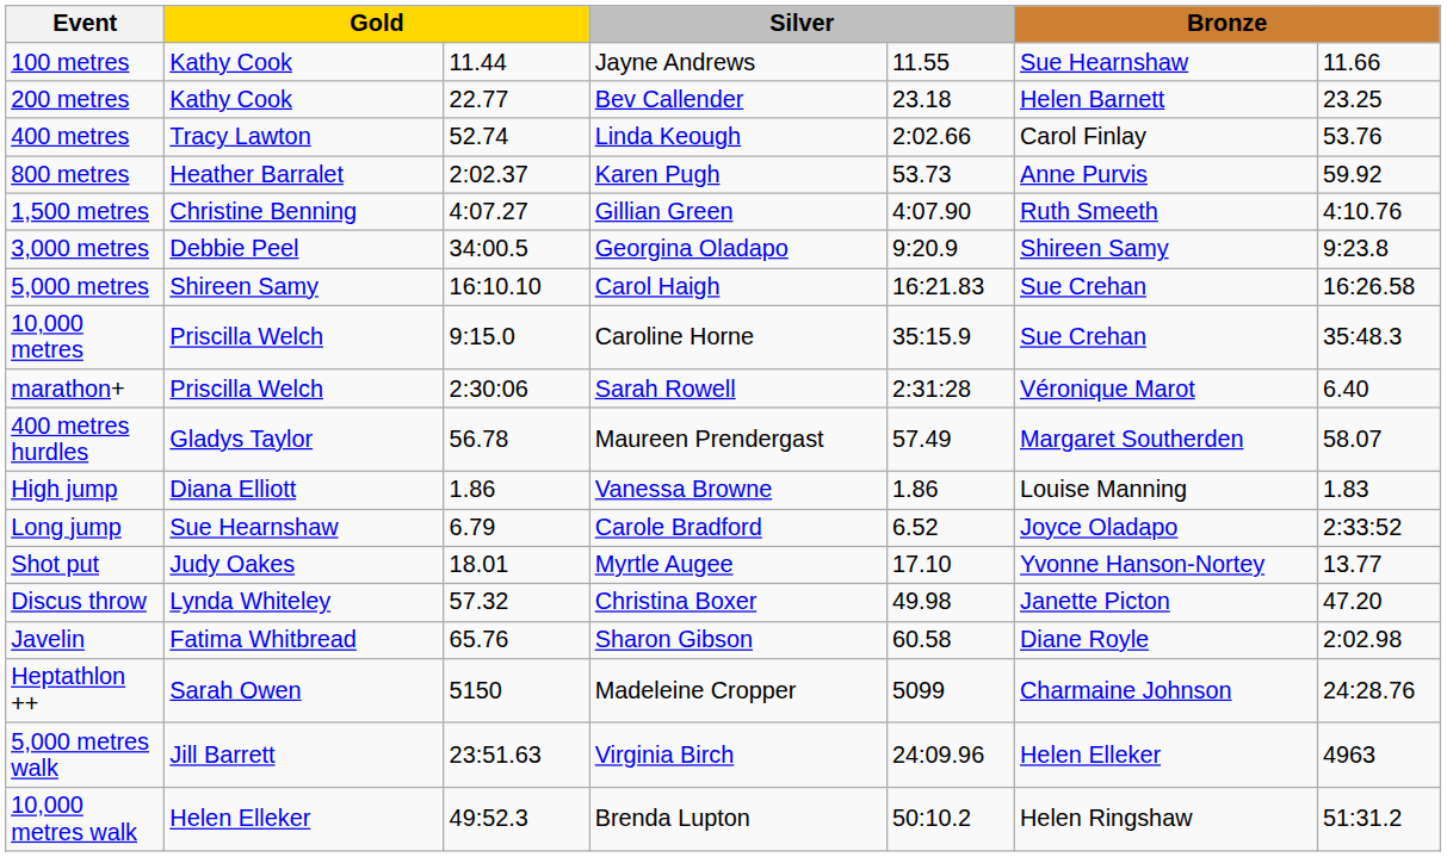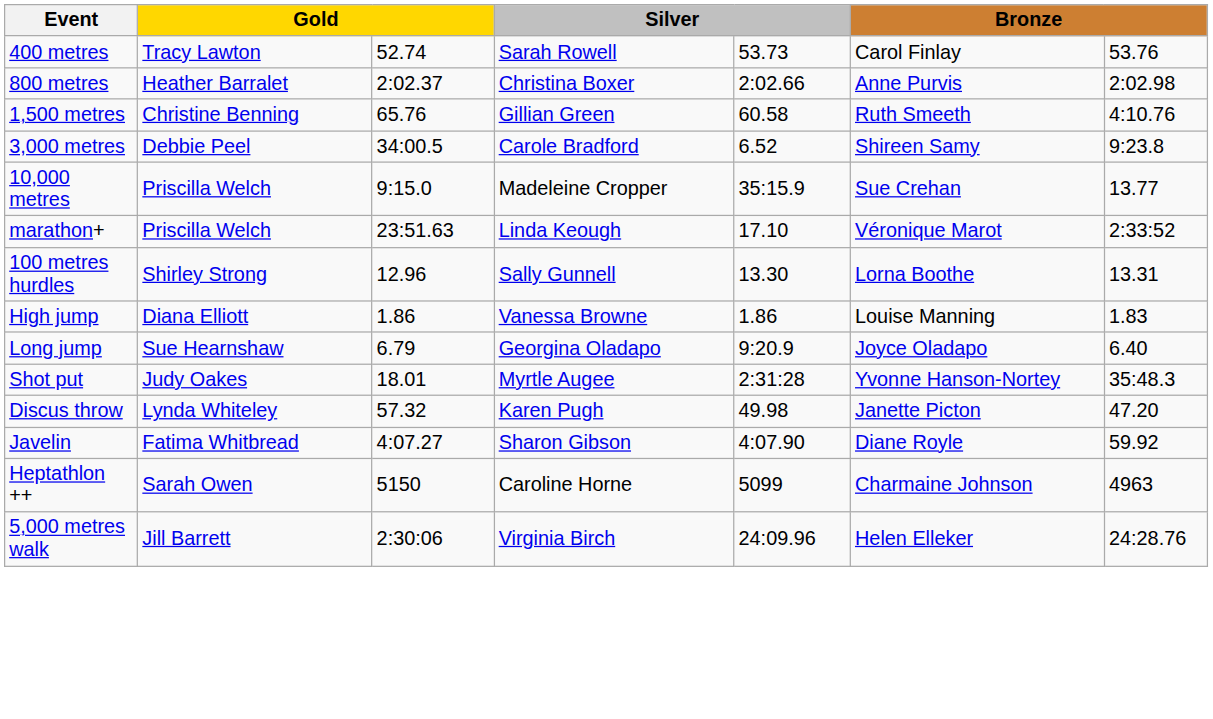 <table class="wikitable" style="text-align:left">
 <tr>
 <th width=100>Event</th>
 <th colspan="2" width="280" style="background:gold;">Gold</th>
 <th colspan="2" width="280" style="background:silver;">Silver</th>
 <th colspan="2" width="280" style="background:#CD7F32;">Bronze</th>
 </tr>
 <tr>
-<td><a href='#'>100 metres</a></td>
-<td><a href='#'>Kathy Cook</a></td>
-<td>11.44</td>
-<td>Jayne Andrews</td>
-<td>11.55</td>
-<td><a href='#'>Sue Hearnshaw</a></td>
-<td>11.66</td>
-</tr>
-<tr>
-<td><a href='#'>200 metres</a></td>
-<td><a href='#'>Kathy Cook</a></td>
-<td>22.77</td>
-<td><a href='#'>Bev Callender</a></td>
-<td>23.18</td>
-<td><a href='#'>Helen Barnett</a></td>
-<td>23.25</td>
-</tr>
-<tr>
 <td><a href='#'>400 metres</a></td>
 <td><a href='#'>Tracy Lawton</a></td>
 <td>52.74</td>
-<td><a href='#'>Linda Keough</a></td>
-<td>2:02.66</td>
+<td><a href='#'>Sarah Rowell</a></td>
+<td>53.73</td>
 <td>Carol Finlay</td>
 <td>53.76</td>
 </tr>
 <tr>
 <td><a href='#'>800 metres</a></td>
 <td> <a href='#'>Heather Barralet</a></td>
 <td>2:02.37</td>
-<td><a href='#'>Karen Pugh</a></td>
-<td>53.73</td>
+<td><a href='#'>Christina Boxer</a></td>
+<td>2:02.66</td>
 <td> <a href='#'>Anne Purvis</a></td>
-<td>59.92</td>
+<td>2:02.98</td>
 </tr>
 <tr>
 <td><a href='#'>1,500 metres</a></td>
 <td><a href='#'>Christine Benning</a></td>
-<td>4:07.27</td>
+<td>65.76</td>
 <td><a href='#'>Gillian Green</a></td>
-<td>4:07.90</td>
+<td>60.58</td>
 <td><a href='#'>Ruth Smeeth</a></td>
 <td>4:10.76</td>
 </tr>
 <tr>
 <td><a href='#'>3,000 metres</a></td>
 <td><a href='#'>Debbie Peel</a></td>
 <td>34:00.5</td>
-<td><a href='#'>Georgina Oladapo</a></td>
-<td>9:20.9</td>
+<td><a href='#'>Carole Bradford</a></td>
+<td>6.52</td>
 <td><a href='#'>Shireen Samy</a></td>
 <td>9:23.8</td>
-</tr>
-<tr>
-<td><a href='#'>5,000 metres</a></td>
-<td><a href='#'>Shireen Samy</a></td>
-<td>16:10.10</td>
-<td><a href='#'>Carol Haigh</a></td>
-<td>16:21.83</td>
-<td><a href='#'>Sue Crehan</a></td>
-<td>16:26.58</td>
 </tr>
 <tr>
 <td><a href='#'>10,000 metres</a></td>
 <td><a href='#'>Priscilla Welch</a></td>
 <td>9:15.0</td>
-<td>Caroline Horne</td>
+<td>Madeleine Cropper</td>
 <td>35:15.9</td>
 <td><a href='#'>Sue Crehan</a></td>
-<td>35:48.3</td>
+<td>13.77</td>
 </tr>
 <tr>
 <td><a href='#'>marathon</a>+</td>
 <td><a href='#'>Priscilla Welch</a></td>
-<td>2:30:06</td>
-<td><a href='#'>Sarah Rowell</a></td>
-<td>2:31:28</td>
+<td>23:51.63</td>
+<td><a href='#'>Linda Keough</a></td>
+<td>17.10</td>
 <td><a href='#'>Véronique Marot</a></td>
-<td>6.40</td>
+<td>2:33:52</td>
 </tr>
 <tr>
-<td><a href='#'>400 metres hurdles</a></td>
-<td><a href='#'>Gladys Taylor</a></td>
-<td>56.78</td>
-<td>Maureen Prendergast</td>
-<td>57.49</td>
-<td> <a href='#'>Margaret Southerden</a></td>
-<td>58.07</td>
+<td><a href='#'>100 metres hurdles</a></td>
+<td><a href='#'>Shirley Strong</a></td>
+<td>12.96</td>
+<td><a href='#'>Sally Gunnell</a></td>
+<td>13.30</td>
+<td><a href='#'>Lorna Boothe</a></td>
+<td>13.31</td>
 </tr>
 <tr>
 <td><a href='#'>High jump</a></td>
 <td><a href='#'>Diana Elliott</a></td>
 <td>1.86</td>
 <td> <a href='#'>Vanessa Browne</a></td>
 <td>1.86</td>
 <td>Louise Manning</td>
 <td>1.83</td>
 </tr>
 <tr>
 <td><a href='#'>Long jump</a></td>
 <td><a href='#'>Sue Hearnshaw</a></td>
 <td>6.79</td>
-<td><a href='#'>Carole Bradford</a></td>
-<td>6.52</td>
+<td><a href='#'>Georgina Oladapo</a></td>
+<td>9:20.9</td>
 <td><a href='#'>Joyce Oladapo</a></td>
-<td>2:33:52</td>
+<td>6.40</td>
 </tr>
 <tr>
 <td><a href='#'>Shot put</a></td>
 <td><a href='#'>Judy Oakes</a></td>
 <td>18.01</td>
 <td><a href='#'>Myrtle Augee</a></td>
-<td>17.10</td>
+<td>2:31:28</td>
 <td><a href='#'>Yvonne Hanson-Nortey</a></td>
-<td>13.77</td>
+<td>35:48.3</td>
 </tr>
 <tr>
 <td><a href='#'>Discus throw</a></td>
 <td><a href='#'>Lynda Whiteley</a></td>
 <td>57.32</td>
-<td><a href='#'>Christina Boxer</a></td>
+<td><a href='#'>Karen Pugh</a></td>
 <td>49.98</td>
 <td><a href='#'>Janette Picton</a></td>
 <td>47.20</td>
 </tr>
 <tr>
 <td><a href='#'>Javelin</a></td>
 <td><a href='#'>Fatima Whitbread</a></td>
-<td>65.76</td>
+<td>4:07.27</td>
 <td><a href='#'>Sharon Gibson</a></td>
-<td>60.58</td>
+<td>4:07.90</td>
 <td> <a href='#'>Diane Royle</a></td>
-<td>2:02.98</td>
+<td>59.92</td>
 </tr>
 <tr>
 <td><a href='#'>Heptathlon</a> ++</td>
 <td><a href='#'>Sarah Owen</a></td>
 <td>5150</td>
-<td>Madeleine Cropper</td>
+<td>Caroline Horne</td>
 <td>5099</td>
 <td><a href='#'>Charmaine Johnson</a></td>
-<td>24:28.76</td>
+<td>4963</td>
 </tr>
 <tr>
 <td><a href='#'>5,000 metres walk</a></td>
 <td><a href='#'>Jill Barrett</a></td>
-<td>23:51.63</td>
+<td>2:30:06</td>
 <td><a href='#'>Virginia Birch</a></td>
 <td>24:09.96</td>
 <td><a href='#'>Helen Elleker</a></td>
-<td>4963</td>
-</tr>
-<tr>
-<td><a href='#'>10,000 metres walk</a></td>
-<td><a href='#'>Helen Elleker</a></td>
-<td>49:52.3</td>
-<td>Brenda Lupton</td>
-<td>50:10.2</td>
-<td>Helen Ringshaw</td>
-<td>51:31.2</td>
+<td>24:28.76</td>
 </tr>
 </table>
